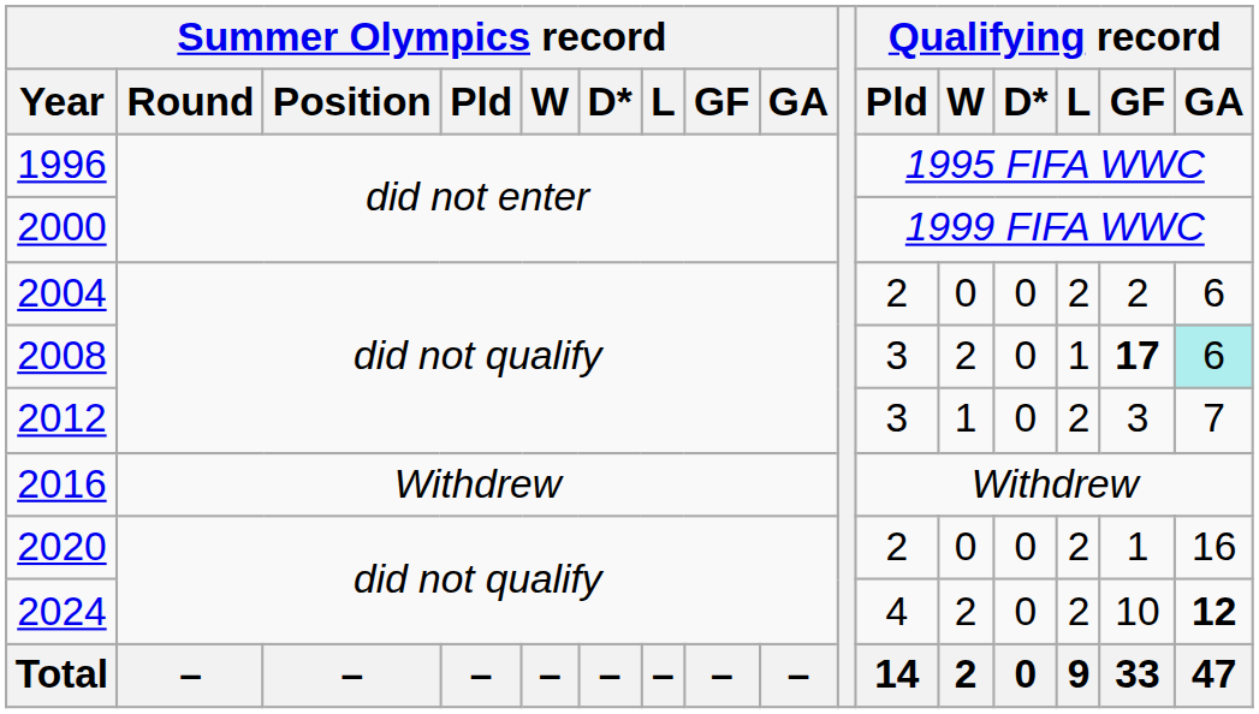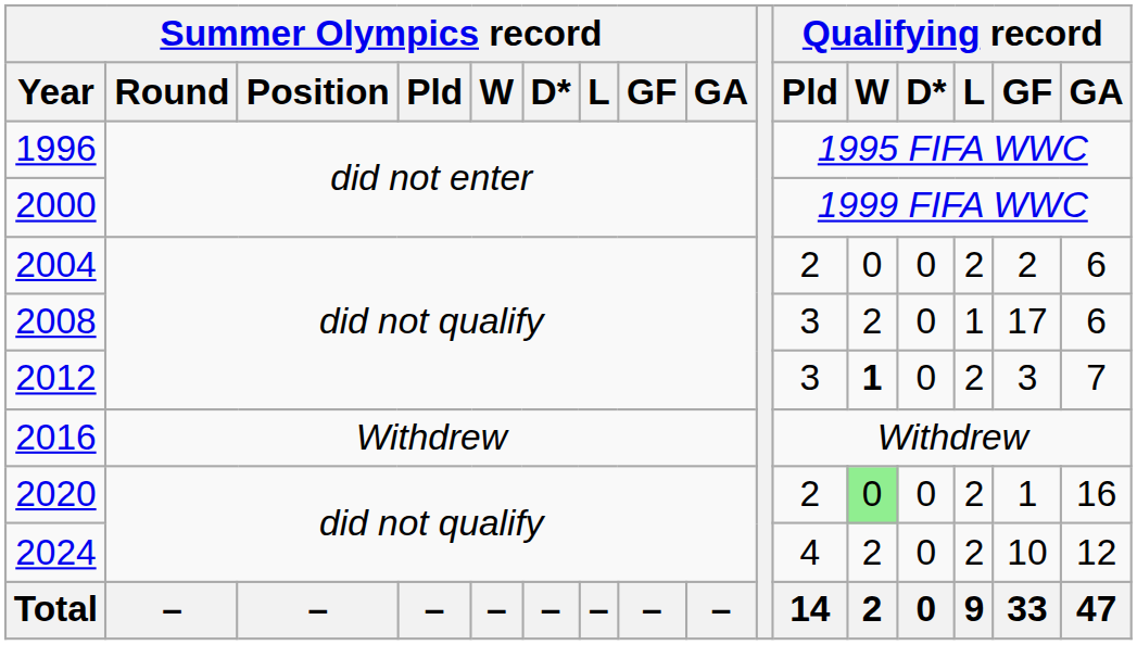 <table class="wikitable" style="text-align: center;">
 <tr>
 <th colspan=9><a href='#'>Summer Olympics</a> record</th>
 <th rowspan=12></th>
 <th colspan=6><a href='#'>Qualifying</a> record</th>
 </tr>
 <tr>
 <th>Year</th>
 <th>Round</th>
 <th>Position</th>
 <th>Pld</th>
 <th>W</th>
 <th>D*</th>
 <th>L</th>
 <th>GF</th>
 <th>GA</th>
 <th>Pld</th>
 <th>W</th>
 <th>D*</th>
 <th>L</th>
 <th>GF</th>
 <th>GA</th>
 </tr>
 <tr>
 <td> <a href='#'>1996</a></td>
 <td colspan=8 rowspan=2><em>did not enter</em></td>
 <td colspan=6><em><a href='#'>1995 FIFA WWC</a></em></td>
 </tr>
 <tr>
 <td> <a href='#'>2000</a></td>
 <td colspan=6><em><a href='#'>1999 FIFA WWC</a></em></td>
 </tr>
 <tr>
 <td> <a href='#'>2004</a></td>
 <td colspan=8 rowspan=3><em>did not qualify</em></td>
 <td>2</td>
 <td>0</td>
 <td>0</td>
 <td>2</td>
 <td>2</td>
 <td>6</td>
 </tr>
 <tr>
 <td> <a href='#'>2008</a></td>
 <td>3</td>
 <td>2</td>
 <td>0</td>
 <td>1</td>
-<td><strong>17</strong></td>
-<td style="background: paleturquoise;">6</td>
+<td>17</td>
+<td>6</td>
 </tr>
 <tr>
 <td> <a href='#'>2012</a></td>
 <td>3</td>
-<td>1</td>
+<td><strong>1</strong></td>
 <td>0</td>
 <td>2</td>
 <td>3</td>
 <td>7</td>
 </tr>
 <tr>
 <td> <a href='#'>2016</a></td>
 <td colspan=8><em>Withdrew</em></td>
 <td colspan=6><em>Withdrew</em></td>
 </tr>
 <tr>
 <td> <a href='#'>2020</a></td>
 <td colspan=8 rowspan=2><em>did not qualify</em></td>
 <td>2</td>
-<td>0</td>
+<td style="background: lightgreen;">0</td>
 <td>0</td>
 <td>2</td>
 <td>1</td>
 <td>16</td>
 </tr>
 <tr>
 <td> <a href='#'>2024</a></td>
 <td>4</td>
 <td>2</td>
 <td>0</td>
 <td>2</td>
 <td>10</td>
-<td><strong>12</strong></td>
+<td>12</td>
 </tr>
 <tr>
 <th>Total</th>
 <th>–</th>
 <th>–</th>
 <th>–</th>
 <th>–</th>
 <th>–</th>
 <th>–</th>
 <th>–</th>
 <th>–</th>
 <th>14</th>
 <th>2</th>
 <th>0</th>
 <th>9</th>
 <th>33</th>
 <th>47</th>
 </tr>
 </table>
